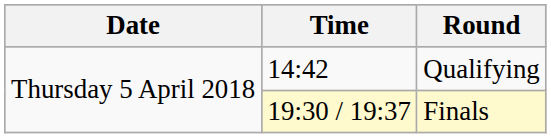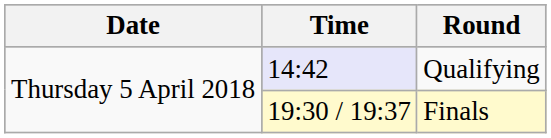 <table class="wikitable">
 <tr>
 <th>Date</th>
 <th>Time</th>
 <th>Round</th>
 </tr>
 <tr>
 <td rowspan=2>Thursday 5 April 2018</td>
-<td>14:42</td>
+<td style="background: lavender;">14:42</td>
 <td>Qualifying</td>
 </tr>
 <tr>
 <td style=background:lemonchiffon>19:30 / 19:37</td>
 <td style=background:lemonchiffon>Finals</td>
 </tr>
 </table>
